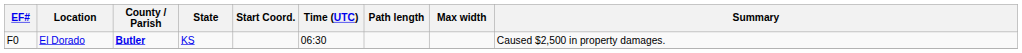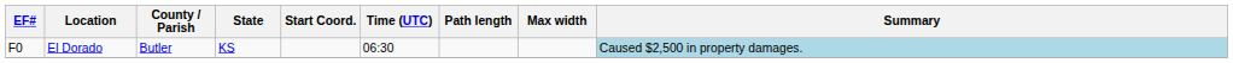 <table class="wikitable sortable" style="width:100%;">
 <tr>
 <th scope="col"  style="width:3%; text-align:center;"><a href='#'>EF#</a></th>
 <th scope="col"  style="width:7%; text-align:center;" class="unsortable">Location</th>
 <th scope="col"  style="width:6%; text-align:center;" class="unsortable">County / Parish</th>
 <th scope="col"  style="width:5%; text-align:center;">State</th>
 <th scope="col"  style="width:6%; text-align:center;">Start Coord.</th>
 <th scope="col"  style="width:6%; text-align:center;">Time (<a href='#'>UTC</a>)</th>
 <th scope="col"  style="width:6%; text-align:center;">Path length</th>
 <th scope="col"  style="width:6%; text-align:center;">Max width</th>
 <th scope="col" class="unsortable" style="width:48%; text-align:center;">Summary</th>
 </tr>
 <tr>
 <td bgcolor=>F0</td>
 <td><a href='#'>El Dorado</a></td>
-<td><strong><a href='#'>Butler</a></strong></td>
+<td><a href='#'>Butler</a></td>
 <td><a href='#'>KS</a></td>
 <td></td>
 <td>06:30</td>
 <td></td>
 <td></td>
-<td>Caused $2,500 in property damages.</td>
+<td style="background: lightblue;">Caused $2,500 in property damages.</td>
 </tr>
 <tr>
 </tr>
 </table>
